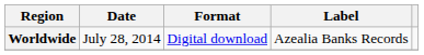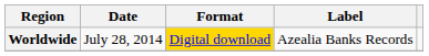 <table class="wikitable plainrowheaders">
 <tr>
 <th>Region</th>
 <th>Date</th>
 <th>Format</th>
 <th>Label</th>
 <th></th>
 </tr>
 <tr>
 <th scope="row">Worldwide</th>
 <td>July 28, 2014</td>
-<td><a href='#'>Digital download</a></td>
+<td style="background: gold;"><a href='#'>Digital download</a></td>
 <td>Azealia Banks Records</td>
 <td></td>
 </tr>
 <tr>
 </tr>
 </table>
